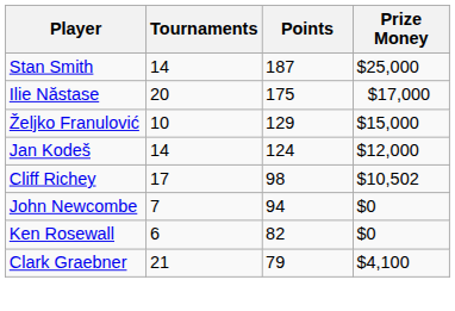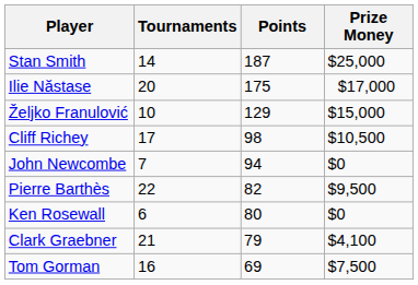 <table class="sortable wikitable" style=font-size:97%>
 <tr>
 <th style="width:120px">Player</th>
 <th style="width:70px">Tournaments</th>
 <th style="width:75px">Points</th>
 <th style="width:80px">Prize Money</th>
 </tr>
 <tr>
 <td> <a href='#'>Stan Smith</a></td>
 <td>14</td>
 <td>187</td>
 <td>$25,000</td>
 </tr>
 <tr>
 <td> <a href='#'>Ilie Năstase</a></td>
 <td>20</td>
 <td>175</td>
 <td>$17,000</td>
 </tr>
 <tr>
 <td> <a href='#'>Željko Franulović</a></td>
 <td>10</td>
 <td>129</td>
 <td>$15,000</td>
 </tr>
 <tr>
-<td> <a href='#'>Jan Kodeš</a></td>
-<td>14</td>
-<td>124</td>
-<td>$12,000</td>
-</tr>
-<tr>
 <td> <a href='#'>Cliff Richey</a></td>
 <td>17</td>
 <td>98</td>
-<td>$10,502</td>
+<td>$10,500</td>
 </tr>
 <tr>
 <td> <a href='#'>John Newcombe</a></td>
 <td>7</td>
 <td>94</td>
 <td>$0</td>
 </tr>
 <tr>
+<td> <a href='#'>Pierre Barthès</a></td>
+<td>22</td>
+<td>82</td>
+<td>$9,500</td>
+</tr>
+<tr>
 <td> <a href='#'>Ken Rosewall</a></td>
 <td>6</td>
-<td>82</td>
+<td>80</td>
 <td>$0</td>
 </tr>
 <tr>
 <td> <a href='#'>Clark Graebner</a></td>
 <td>21</td>
 <td>79</td>
 <td>$4,100</td>
 </tr>
+<tr>
+<td> <a href='#'>Tom Gorman</a></td>
+<td>16</td>
+<td>69</td>
+<td>$7,500</td>
+</tr>
 </table>
